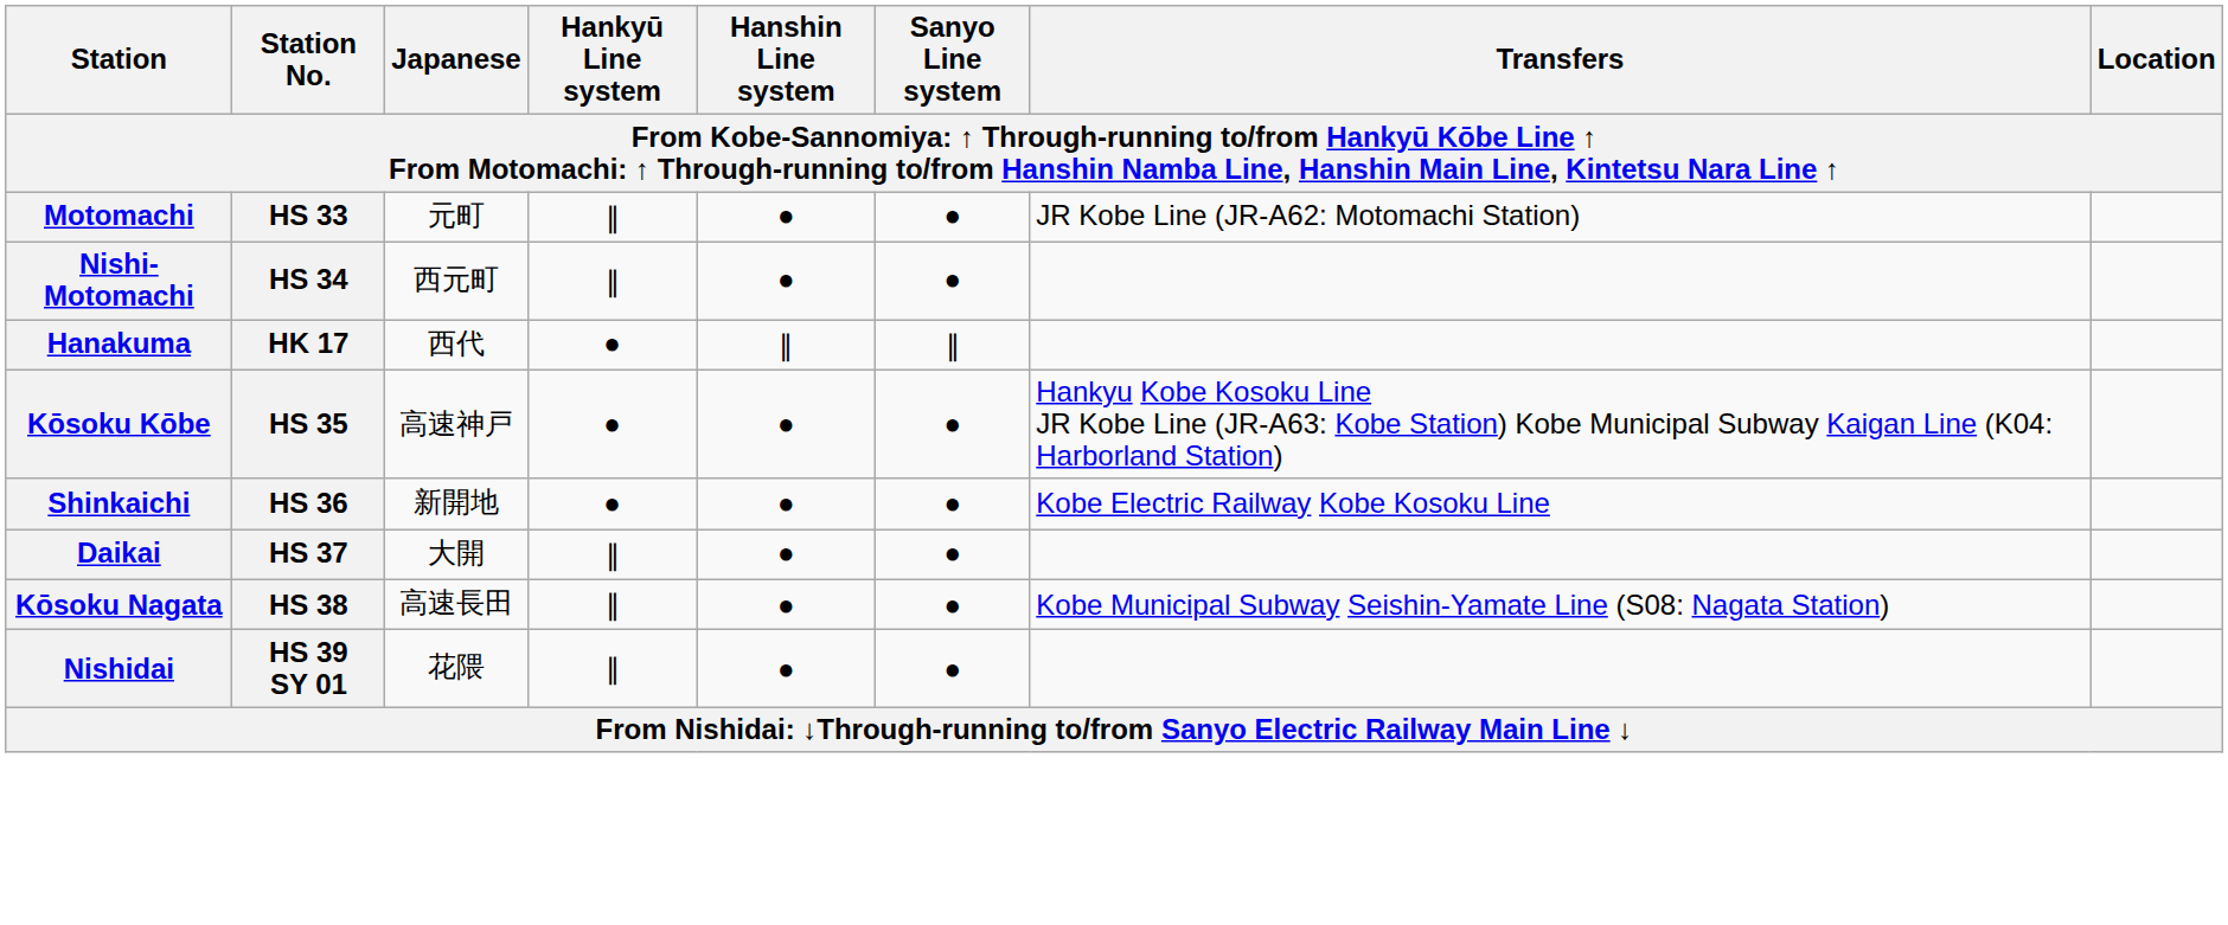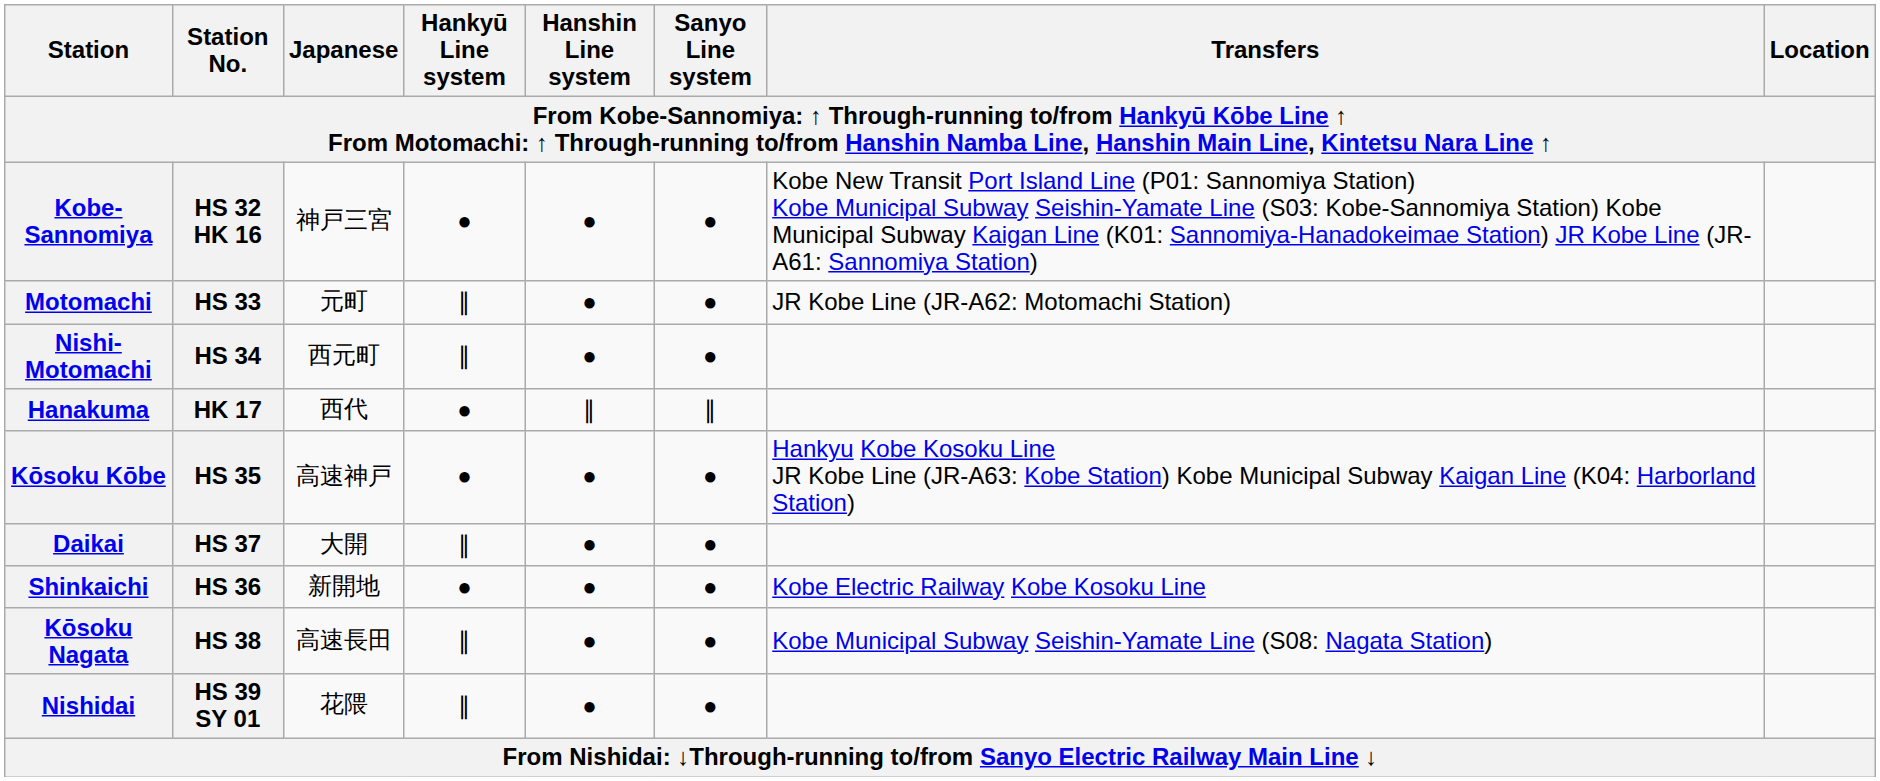 <table class="wikitable" style="text-align:center">
 <tr>
 <th>Station</th>
 <th>Station No.</th>
 <th>Japanese</th>
 <th>Hankyū Line<br>system</th>
 <th><strong>Hanshin Line</strong><br><strong>system</strong></th>
 <th>Sanyo Line<br>system</th>
 <th>Transfers</th>
 <th>Location</th>
 </tr>
 <tr>
 <th colspan="8">From Kobe-Sannomiya: <strong>↑</strong> Through<strong>-running to/from </strong> <a href='#'>Hankyū Kōbe Line</a> <strong>↑</strong><br>From Motomachi: <strong>↑</strong> Through<strong>-running to/from </strong> <a href='#'>Hanshin Namba Line</a>, <strong></strong> <a href='#'>Hanshin Main Line</a>,  <a href='#'>Kintetsu Nara Line</a> <strong>↑</strong></th>
+</tr>
+<tr>
+<th><a href='#'>Kobe-Sannomiya</a></th>
+<th>HS 32<br>HK 16</th>
+<td>神戸三宮</td>
+<td>●</td>
+<td>●</td>
+<td>●</td>
+<td style="text-align: left; "> Kobe New Transit <a href='#'>Port Island Line</a> (P01: Sannomiya Station)<br> <a href='#'>Kobe Municipal Subway</a> <a href='#'>Seishin-Yamate Line</a> (S03: Kobe-Sannomiya Station)  Kobe Municipal Subway <a href='#'>Kaigan Line</a> (K01: <a href='#'>Sannomiya-Hanadokeimae Station</a>)  <a href='#'>JR Kobe Line</a> (JR-A61: <a href='#'>Sannomiya Station</a>)</td>
+<td></td>
 </tr>
 <tr>
 <th><a href='#'>Motomachi</a></th>
 <th>HS 33</th>
 <td>元町</td>
 <td>∥</td>
 <td>●</td>
 <td>●</td>
 <td style="text-align: left; "> JR Kobe Line (JR-A62: Motomachi Station)</td>
 <td></td>
 </tr>
 <tr>
 <th><a href='#'>Nishi-Motomachi</a></th>
 <th>HS 34</th>
 <td>西元町</td>
 <td>∥</td>
 <td>●</td>
 <td>●</td>
 <td></td>
 <td></td>
 </tr>
 <tr>
 <th><a href='#'>Hanakuma</a></th>
 <th>HK 17</th>
 <td>西代</td>
 <td>●</td>
 <td>∥</td>
 <td>∥</td>
 <td></td>
 <td></td>
 </tr>
 <tr>
 <th><a href='#'>Kōsoku Kōbe</a></th>
 <th>HS 35</th>
 <td>高速神戸</td>
 <td>●</td>
 <td>●</td>
 <td>●</td>
 <td style="text-align: left; "> <a href='#'>Hankyu</a> <a href='#'>Kobe Kosoku Line</a><br> JR Kobe Line (JR-A63: <a href='#'>Kobe Station</a>)  Kobe Municipal Subway <a href='#'>Kaigan Line</a> (K04: <a href='#'>Harborland Station</a>)</td>
 <td></td>
 </tr>
 <tr>
+<th><a href='#'>Daikai</a></th>
+<th>HS 37</th>
+<td>大開</td>
+<td>∥</td>
+<td>●</td>
+<td>●</td>
+<td></td>
+<td></td>
+</tr>
+<tr>
 <th><a href='#'>Shinkaichi</a></th>
 <th>HS 36</th>
 <td>新開地</td>
 <td>●</td>
 <td>●</td>
 <td>●</td>
 <td style="text-align: left; "> <a href='#'>Kobe Electric Railway</a> <a href='#'>Kobe Kosoku Line</a></td>
-<td></td>
-</tr>
-<tr>
-<th><a href='#'>Daikai</a></th>
-<th>HS 37</th>
-<td>大開</td>
-<td>∥</td>
-<td>●</td>
-<td>●</td>
-<td></td>
 <td></td>
 </tr>
 <tr>
 <th><a href='#'>Kōsoku Nagata</a></th>
 <th>HS 38</th>
 <td>高速長田</td>
 <td>∥</td>
 <td>●</td>
 <td>●</td>
 <td style="text-align: left; "> <a href='#'>Kobe Municipal Subway</a> <a href='#'>Seishin-Yamate Line</a> (S08: <a href='#'>Nagata Station</a>)</td>
 <td></td>
 </tr>
 <tr>
 <th><a href='#'>Nishidai</a></th>
 <th>HS 39<br>SY 01</th>
 <td>花隈</td>
 <td>∥</td>
 <td>●</td>
 <td>●</td>
 <td></td>
 <td></td>
 </tr>
 <tr>
 <th colspan="8"><strong>From Nishidai: ↓Through-running to/from  <a href='#'>Sanyo Electric Railway Main Line</a> ↓</strong></th>
 </tr>
 </table>
